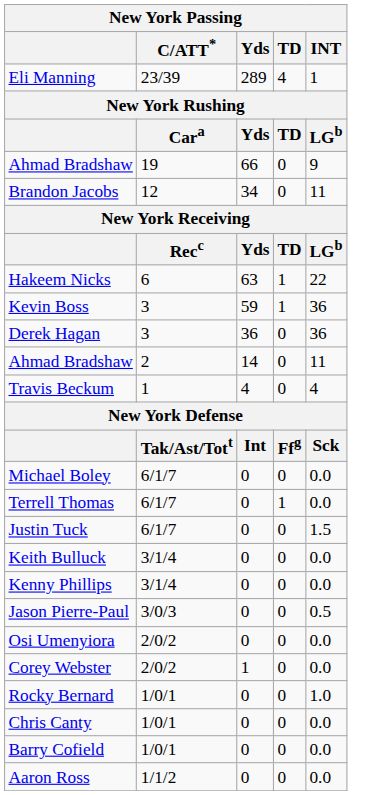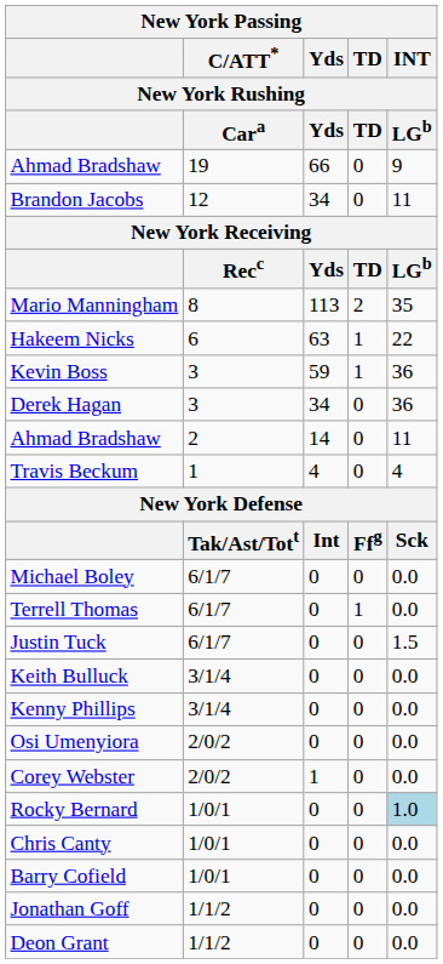 <table class="wikitable">
 <tr>
 <th colspan="5">New York Passing</th>
 </tr>
 <tr>
 <th></th>
 <th>C/ATT<sup>*</sup></th>
 <th>Yds</th>
 <th>TD</th>
 <th>INT</th>
-</tr>
-<tr>
-<td><a href='#'>Eli Manning</a></td>
-<td>23/39</td>
-<td>289</td>
-<td>4</td>
-<td>1</td>
 </tr>
 <tr>
 <th colspan="5">New York Rushing</th>
 </tr>
 <tr>
 <th></th>
 <th>Car<sup>a</sup></th>
 <th>Yds</th>
 <th>TD</th>
 <th>LG<sup>b</sup></th>
 </tr>
 <tr>
 <td><a href='#'>Ahmad Bradshaw</a></td>
 <td>19</td>
 <td>66</td>
 <td>0</td>
 <td>9</td>
 </tr>
 <tr>
 <td><a href='#'>Brandon Jacobs</a></td>
 <td>12</td>
 <td>34</td>
 <td>0</td>
 <td>11</td>
 </tr>
 <tr>
 <th colspan="5">New York Receiving</th>
 </tr>
 <tr>
 <th></th>
 <th>Rec<sup>c</sup></th>
 <th>Yds</th>
 <th>TD</th>
 <th>LG<sup>b</sup></th>
 </tr>
 <tr>
+<td><a href='#'>Mario Manningham</a></td>
+<td>8</td>
+<td>113</td>
+<td>2</td>
+<td>35</td>
+</tr>
+<tr>
 <td><a href='#'>Hakeem Nicks</a></td>
 <td>6</td>
 <td>63</td>
 <td>1</td>
 <td>22</td>
 </tr>
 <tr>
 <td><a href='#'>Kevin Boss</a></td>
 <td>3</td>
 <td>59</td>
 <td>1</td>
 <td>36</td>
 </tr>
 <tr>
 <td><a href='#'>Derek Hagan</a></td>
 <td>3</td>
-<td>36</td>
+<td>34</td>
 <td>0</td>
 <td>36</td>
 </tr>
 <tr>
 <td><a href='#'>Ahmad Bradshaw</a></td>
 <td>2</td>
 <td>14</td>
 <td>0</td>
 <td>11</td>
 </tr>
 <tr>
 <td><a href='#'>Travis Beckum</a></td>
 <td>1</td>
 <td>4</td>
 <td>0</td>
 <td>4</td>
 </tr>
 <tr>
 <th colspan="5">New York Defense</th>
 </tr>
 <tr>
 <th></th>
 <th>Tak/Ast/Tot<sup>t</sup></th>
 <th>Int</th>
 <th>Ff<sup>g</sup></th>
 <th>Sck</th>
 </tr>
 <tr>
 <td><a href='#'>Michael Boley</a></td>
 <td>6/1/7</td>
 <td>0</td>
 <td>0</td>
 <td>0.0</td>
 </tr>
 <tr>
 <td><a href='#'>Terrell Thomas</a></td>
 <td>6/1/7</td>
 <td>0</td>
 <td>1</td>
 <td>0.0</td>
 </tr>
 <tr>
 <td><a href='#'>Justin Tuck</a></td>
 <td>6/1/7</td>
 <td>0</td>
 <td>0</td>
 <td>1.5</td>
 </tr>
 <tr>
 <td><a href='#'>Keith Bulluck</a></td>
 <td>3/1/4</td>
 <td>0</td>
 <td>0</td>
 <td>0.0</td>
 </tr>
 <tr>
 <td><a href='#'>Kenny Phillips</a></td>
 <td>3/1/4</td>
 <td>0</td>
 <td>0</td>
 <td>0.0</td>
 </tr>
 <tr>
-<td><a href='#'>Jason Pierre-Paul</a></td>
-<td>3/0/3</td>
-<td>0</td>
-<td>0</td>
-<td>0.5</td>
-</tr>
-<tr>
 <td><a href='#'>Osi Umenyiora</a></td>
 <td>2/0/2</td>
 <td>0</td>
 <td>0</td>
 <td>0.0</td>
 </tr>
 <tr>
 <td><a href='#'>Corey Webster</a></td>
 <td>2/0/2</td>
 <td>1</td>
 <td>0</td>
 <td>0.0</td>
 </tr>
 <tr>
 <td><a href='#'>Rocky Bernard</a></td>
 <td>1/0/1</td>
 <td>0</td>
 <td>0</td>
-<td>1.0</td>
+<td style="background: lightblue;">1.0</td>
 </tr>
 <tr>
 <td><a href='#'>Chris Canty</a></td>
 <td>1/0/1</td>
 <td>0</td>
 <td>0</td>
 <td>0.0</td>
 </tr>
 <tr>
 <td><a href='#'>Barry Cofield</a></td>
 <td>1/0/1</td>
 <td>0</td>
 <td>0</td>
 <td>0.0</td>
 </tr>
 <tr>
-<td><a href='#'>Aaron Ross</a></td>
+<td><a href='#'>Jonathan Goff</a></td>
+<td>1/1/2</td>
+<td>0</td>
+<td>0</td>
+<td>0.0</td>
+</tr>
+<tr>
+<td><a href='#'>Deon Grant</a></td>
 <td>1/1/2</td>
 <td>0</td>
 <td>0</td>
 <td>0.0</td>
 </tr>
 </table>
